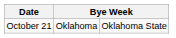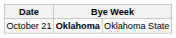 <table class="wikitable" style="font-size:95%">
 <tr>
 <th>Date</th>
 <th colspan="2">Bye Week</th>
 </tr>
 <tr>
 <td>October 21</td>
-<td>Oklahoma</td>
+<td><strong>Oklahoma</strong></td>
 <td>Oklahoma State</td>
 </tr>
 </table>
